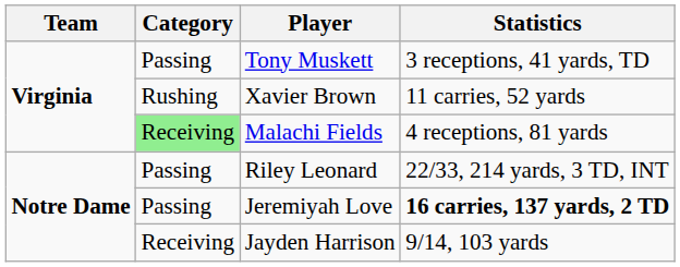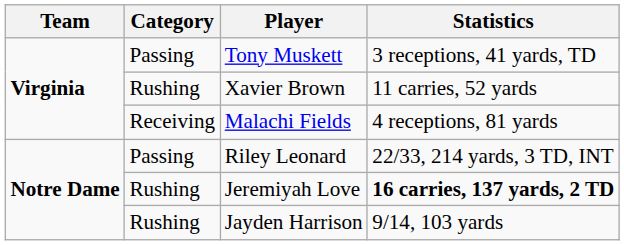 <table class="wikitable" style="float: right;">
 <tr>
 <th>Team</th>
 <th>Category</th>
 <th>Player</th>
 <th>Statistics</th>
 </tr>
 <tr>
 <td rowspan=3><strong>Virginia</strong></td>
 <td>Passing</td>
 <td><a href='#'>Tony Muskett</a></td>
 <td>3 receptions, 41 yards, TD</td>
 </tr>
 <tr>
 <td>Rushing</td>
 <td>Xavier Brown</td>
 <td>11 carries, 52 yards</td>
 </tr>
 <tr>
-<td style="background: lightgreen;">Receiving</td>
+<td>Receiving</td>
 <td><a href='#'>Malachi Fields</a></td>
 <td>4 receptions, 81 yards</td>
 </tr>
 <tr>
 <td rowspan=3><strong>Notre Dame</strong></td>
 <td>Passing</td>
 <td>Riley Leonard</td>
 <td>22/33, 214 yards, 3 TD, INT</td>
 </tr>
 <tr>
-<td>Passing</td>
+<td>Rushing</td>
 <td>Jeremiyah Love</td>
 <td><strong>16 carries, 137 yards, 2 TD</strong></td>
 </tr>
 <tr>
-<td>Receiving</td>
+<td>Rushing</td>
 <td>Jayden Harrison</td>
 <td>9/14, 103 yards</td>
 </tr>
 </table>
